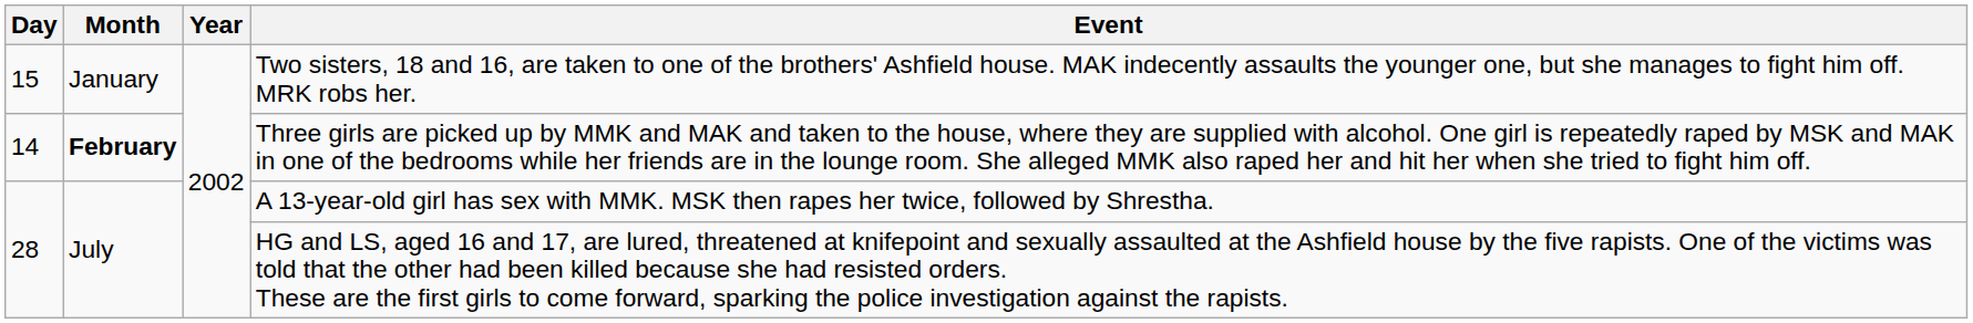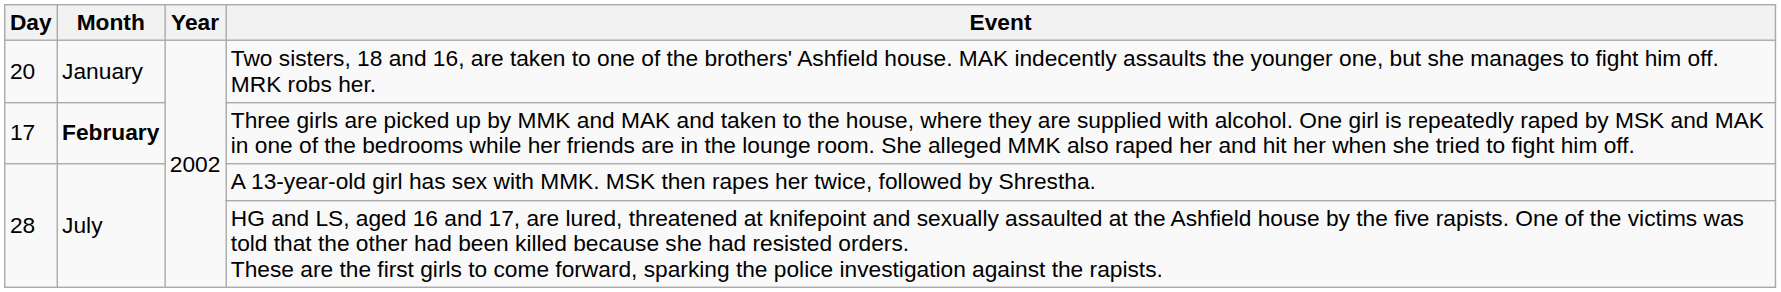 <table class="wikitable">
 <tr>
 <th>Day</th>
 <th>Month</th>
 <th>Year</th>
 <th>Event</th>
 </tr>
 <tr>
-<td>15</td>
+<td>20</td>
 <td>January</td>
 <td rowspan=4>2002</td>
 <td>Two sisters, 18 and 16, are taken to one of the brothers' Ashfield house. MAK indecently assaults the younger one, but she manages to fight him off. MRK robs her.</td>
 </tr>
 <tr>
-<td>14</td>
+<td>17</td>
 <td><strong>February</strong></td>
 <td>Three girls are picked up by MMK and MAK and taken to the house, where they are supplied with alcohol. One girl is repeatedly raped by MSK and MAK in one of the bedrooms while her friends are in the lounge room. She alleged MMK also raped her and hit her when she tried to fight him off.</td>
 </tr>
 <tr>
 <td rowspan="2">28</td>
 <td rowspan=2>July</td>
 <td>A 13-year-old girl has sex with MMK. MSK then rapes her twice, followed by Shrestha.</td>
 </tr>
 <tr>
 <td>HG and LS, aged 16 and 17, are lured, threatened at knifepoint and sexually assaulted at the Ashfield house by the five rapists. One of the victims was told that the other had been killed because she had resisted orders.<br>These are the first girls to come forward, sparking the police investigation against the rapists.</td>
 </tr>
 </table>
